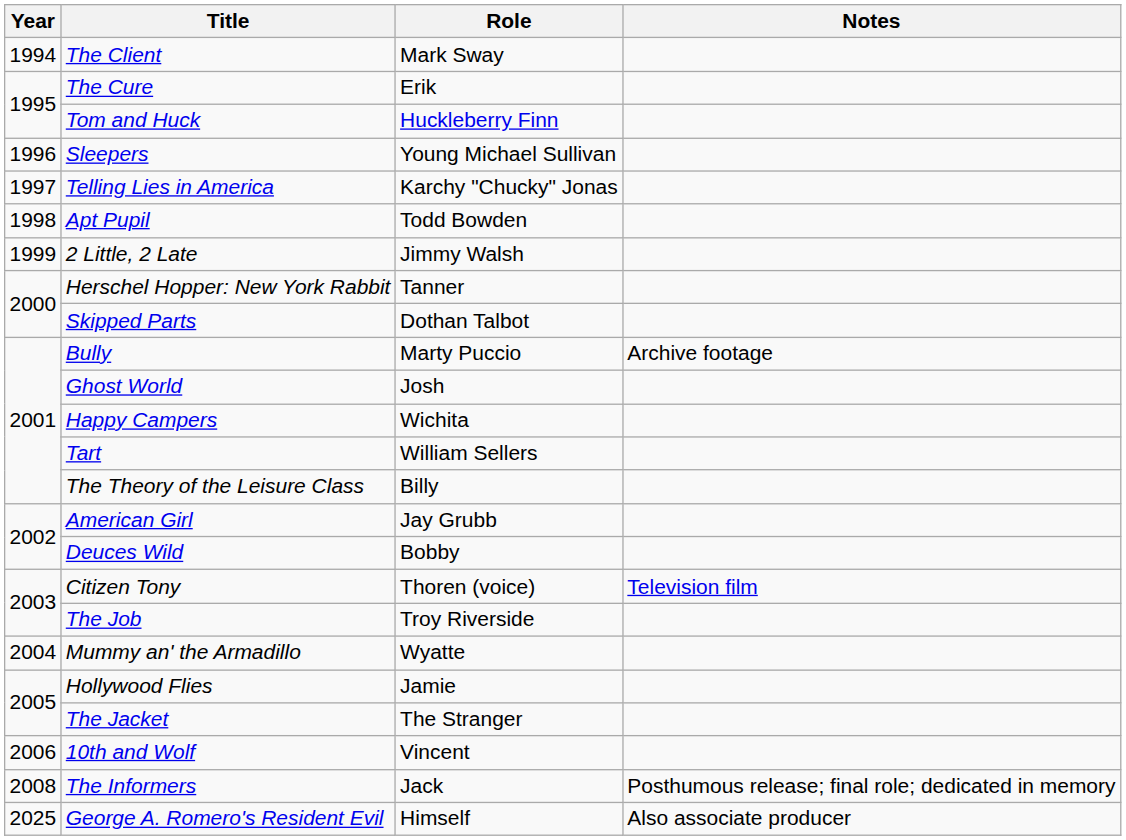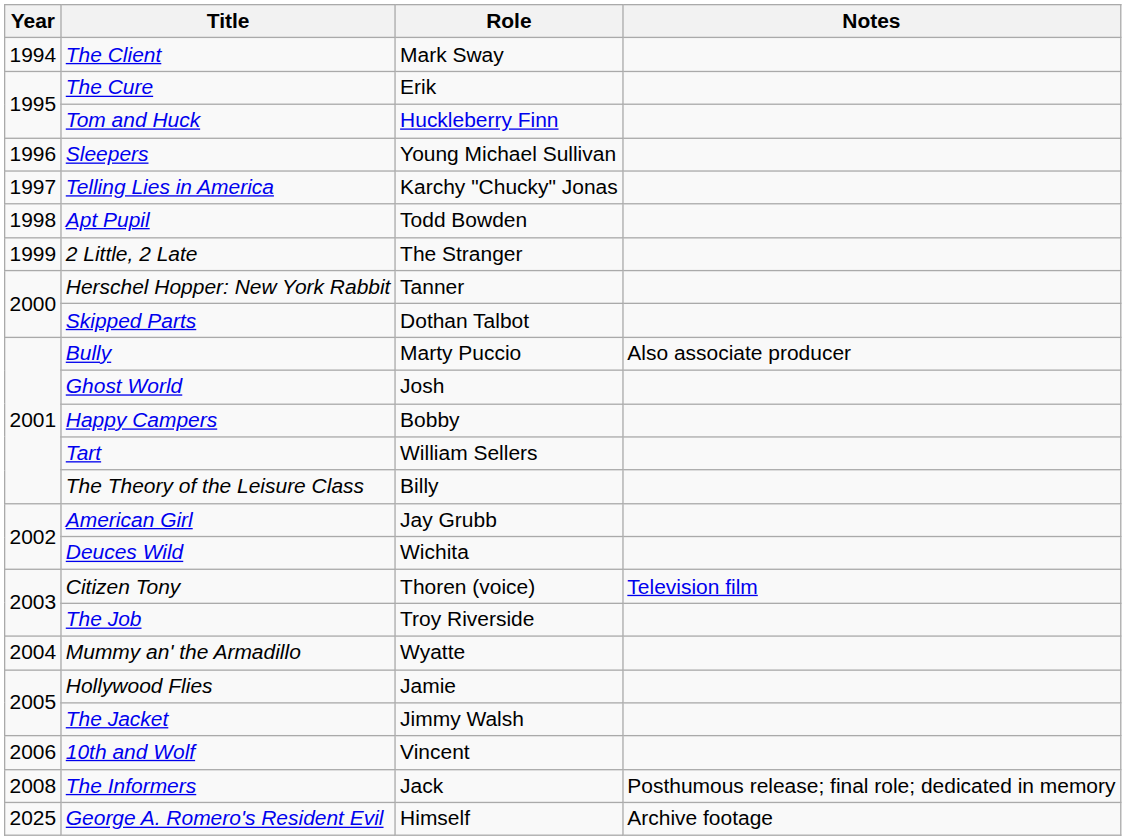 <table class="wikitable sortable">
 <tr>
 <th>Year</th>
 <th>Title</th>
 <th>Role</th>
 <th>Notes</th>
 </tr>
 <tr>
 <td>1994</td>
 <td data-sort-value="Client, The"><em><a href='#'>The Client</a></em></td>
 <td>Mark Sway</td>
 <td></td>
 </tr>
 <tr>
 <td rowspan="2">1995</td>
 <td data-sort-value="Cure, The"><em><a href='#'>The Cure</a></em></td>
 <td>Erik</td>
 <td></td>
 </tr>
 <tr>
 <td><em><a href='#'>Tom and Huck</a></em></td>
 <td><a href='#'>Huckleberry Finn</a></td>
 <td></td>
 </tr>
 <tr>
 <td>1996</td>
 <td><em><a href='#'>Sleepers</a></em></td>
 <td>Young Michael Sullivan</td>
 <td></td>
 </tr>
 <tr>
 <td>1997</td>
 <td><em><a href='#'>Telling Lies in America</a></em></td>
 <td>Karchy "Chucky" Jonas</td>
 <td></td>
 </tr>
 <tr>
 <td>1998</td>
 <td><em><a href='#'>Apt Pupil</a></em></td>
 <td>Todd Bowden</td>
 <td></td>
 </tr>
 <tr>
 <td>1999</td>
 <td data-sort-value="Too Little, Too Late"><em>2 Little, 2 Late</em></td>
-<td>Jimmy Walsh</td>
+<td>The Stranger</td>
 <td></td>
 </tr>
 <tr>
 <td rowspan="2">2000</td>
 <td><em>Herschel Hopper: New York Rabbit</em></td>
 <td>Tanner</td>
 <td></td>
 </tr>
 <tr>
 <td><em><a href='#'>Skipped Parts</a></em></td>
 <td>Dothan Talbot</td>
 <td></td>
 </tr>
 <tr>
 <td rowspan="5">2001</td>
 <td><em><a href='#'>Bully</a></em></td>
 <td>Marty Puccio</td>
-<td>Archive footage</td>
+<td>Also associate producer</td>
 </tr>
 <tr>
 <td><em><a href='#'>Ghost World</a></em></td>
 <td>Josh</td>
 <td></td>
 </tr>
 <tr>
 <td><em><a href='#'>Happy Campers</a></em></td>
-<td>Wichita</td>
+<td>Bobby</td>
 <td></td>
 </tr>
 <tr>
 <td><em><a href='#'>Tart</a></em></td>
 <td>William Sellers</td>
 <td></td>
 </tr>
 <tr>
 <td data-sort-value="Theory of the Leisure Class, The"><em>The Theory of the Leisure Class</em></td>
 <td>Billy</td>
 <td></td>
 </tr>
 <tr>
 <td rowspan="2">2002</td>
 <td><em><a href='#'>American Girl</a></em></td>
 <td>Jay Grubb</td>
 <td></td>
 </tr>
 <tr>
 <td><em><a href='#'>Deuces Wild</a></em></td>
-<td>Bobby</td>
+<td>Wichita</td>
 <td></td>
 </tr>
 <tr>
 <td rowspan="2">2003</td>
 <td><em>Citizen Tony</em></td>
 <td>Thoren (voice)</td>
 <td><a href='#'>Television film</a></td>
 </tr>
 <tr>
 <td data-sort-value="Job, The"><em><a href='#'>The Job</a></em></td>
 <td>Troy Riverside</td>
 <td></td>
 </tr>
 <tr>
 <td>2004</td>
 <td><em>Mummy an' the Armadillo</em></td>
 <td>Wyatte</td>
 <td></td>
 </tr>
 <tr>
 <td rowspan="2">2005</td>
 <td><em>Hollywood Flies</em></td>
 <td>Jamie</td>
 <td></td>
 </tr>
 <tr>
 <td data-sort-value="Jacket, The"><em><a href='#'>The Jacket</a></em></td>
-<td>The Stranger</td>
+<td>Jimmy Walsh</td>
 <td></td>
 </tr>
 <tr>
 <td>2006</td>
 <td data-sort-value="Tenth and Wolf"><em><a href='#'>10th and Wolf</a></em></td>
 <td>Vincent</td>
 <td></td>
 </tr>
 <tr>
 <td>2008</td>
 <td data-sort-value="Informers, The"><em><a href='#'>The Informers</a></em></td>
 <td>Jack</td>
 <td>Posthumous release; final role; dedicated in memory</td>
 </tr>
 <tr>
 <td>2025</td>
 <td><em><a href='#'>George A. Romero's Resident Evil</a></em></td>
 <td>Himself</td>
-<td>Also associate producer</td>
+<td>Archive footage</td>
 </tr>
 </table>
